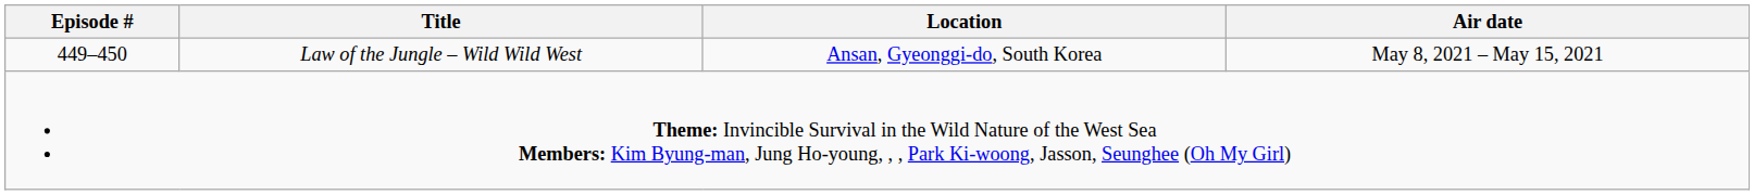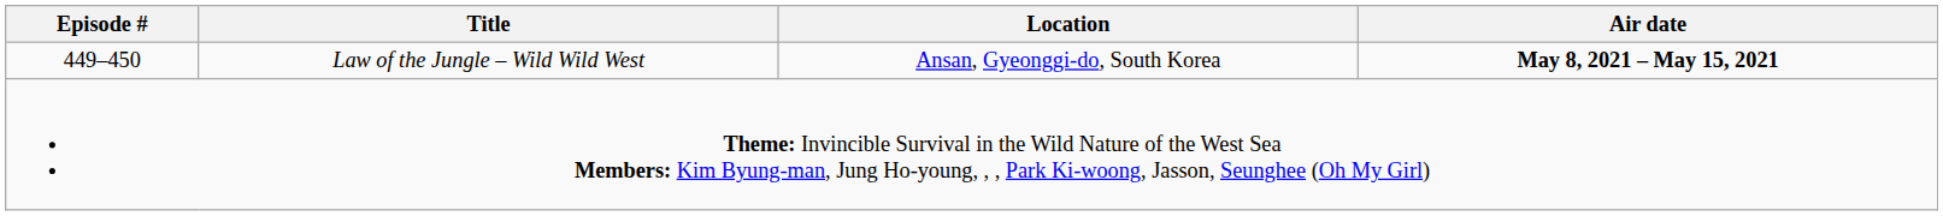 <table class="wikitable" style="text-align:center; font-size:90%; width:100%;">
 <tr>
 <th width="10%">Episode #</th>
 <th width="30%">Title</th>
 <th width="30%">Location</th>
 <th width="30%">Air date</th>
 </tr>
 <tr>
 <td>449–450</td>
 <td><em>Law of the Jungle – Wild Wild West</em></td>
 <td><a href='#'>Ansan</a>, <a href='#'>Gyeonggi-do</a>, South Korea</td>
-<td>May 8, 2021 – May 15, 2021</td>
+<td><strong>May 8, 2021 – May 15, 2021</strong></td>
 </tr>
 <tr>
 <td colspan="4"><br><ul><li><strong>Theme:</strong> Invincible Survival in the Wild Nature of the West Sea</li><li><strong>Members:</strong> <a href='#'>Kim Byung-man</a>, Jung Ho-young, , , <a href='#'>Park Ki-woong</a>, Jasson, <a href='#'>Seunghee</a> (<a href='#'>Oh My Girl</a>)</li></ul></td>
 </tr>
 </table>
